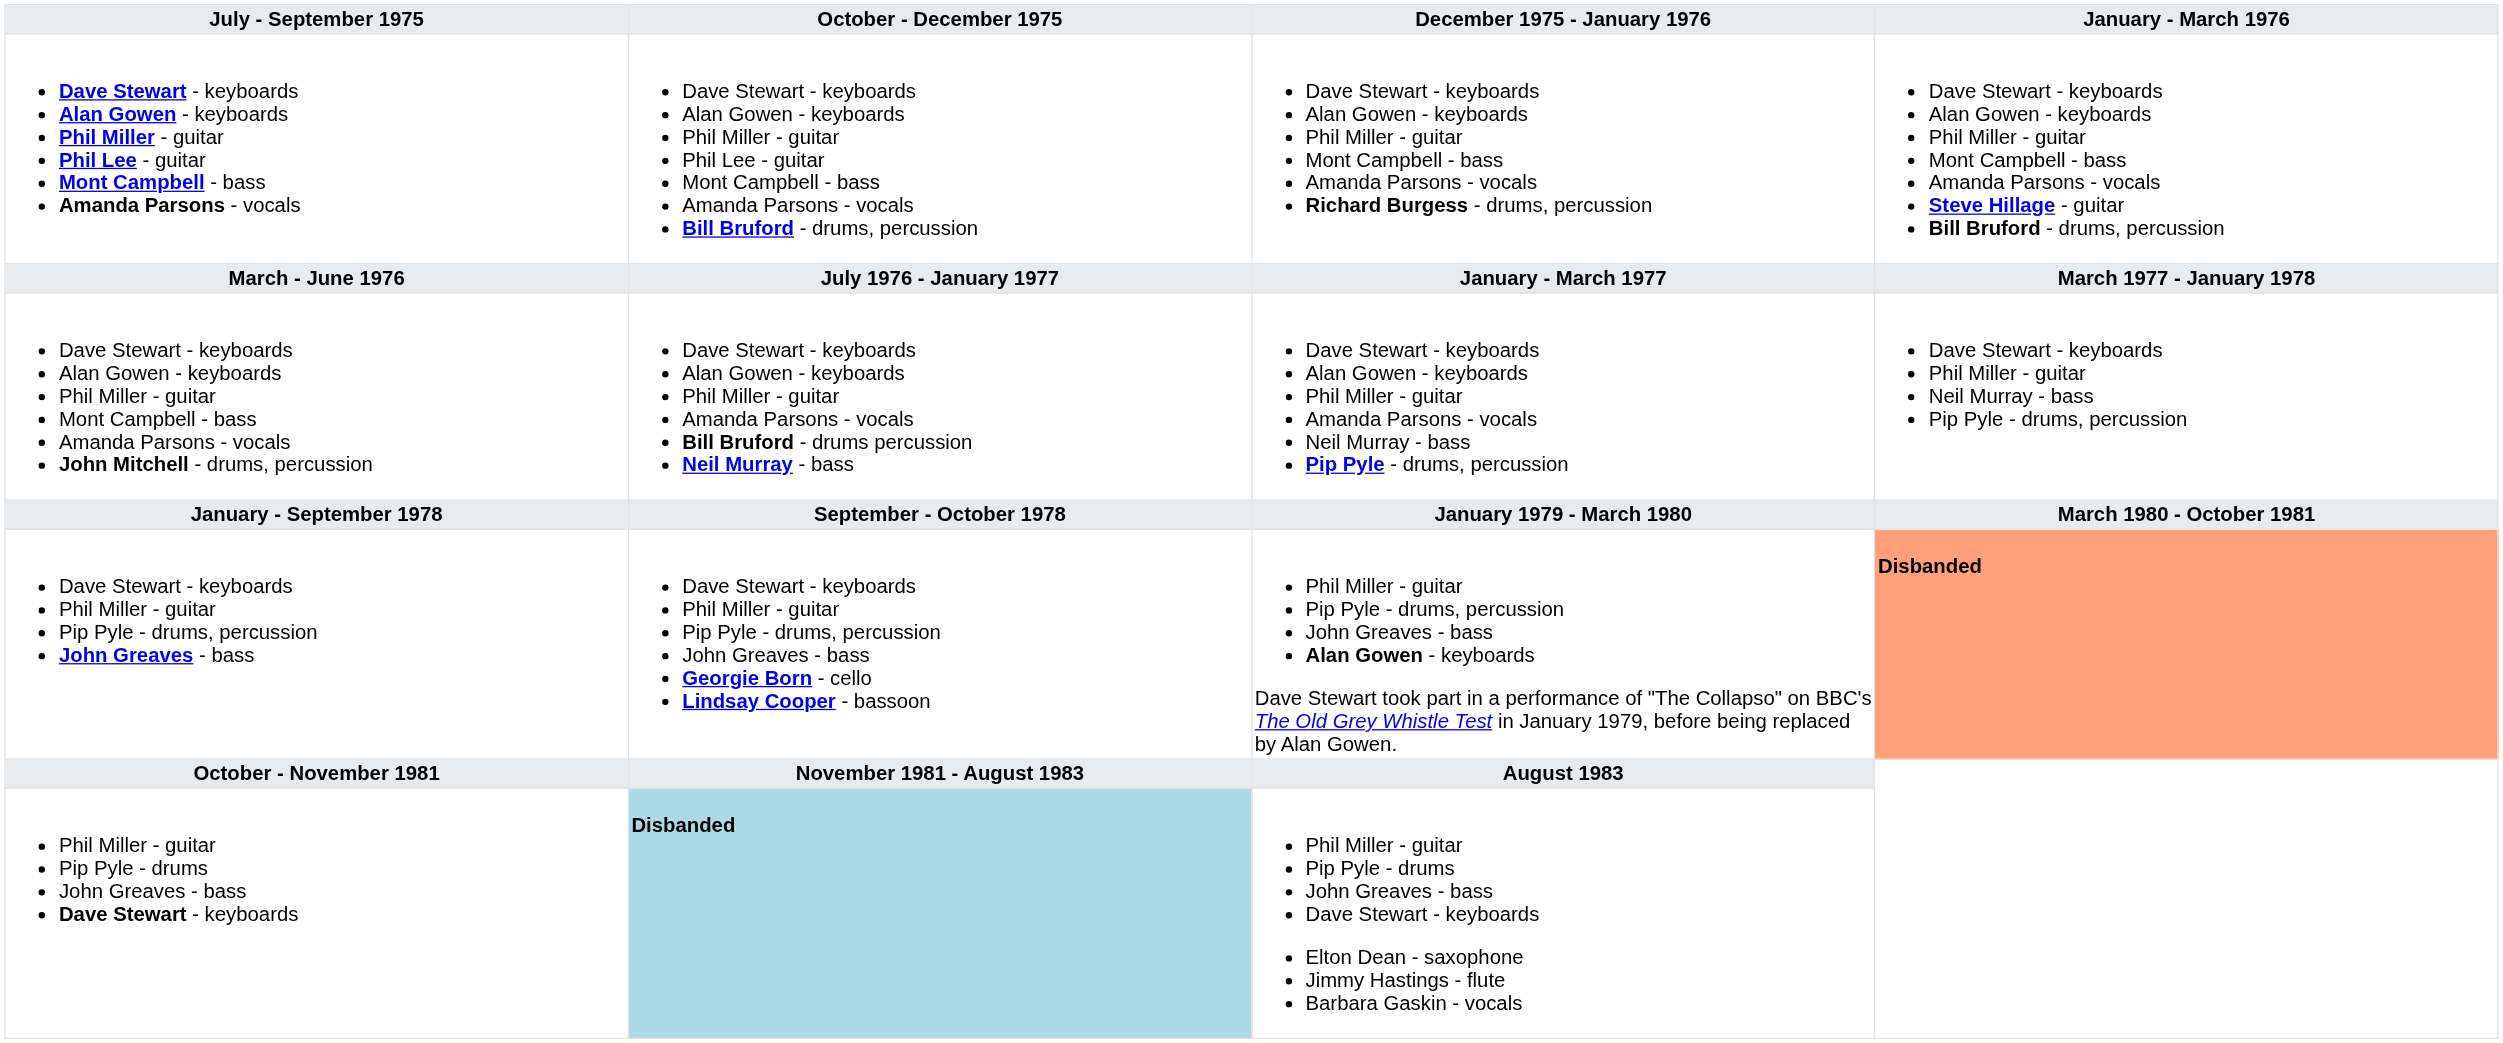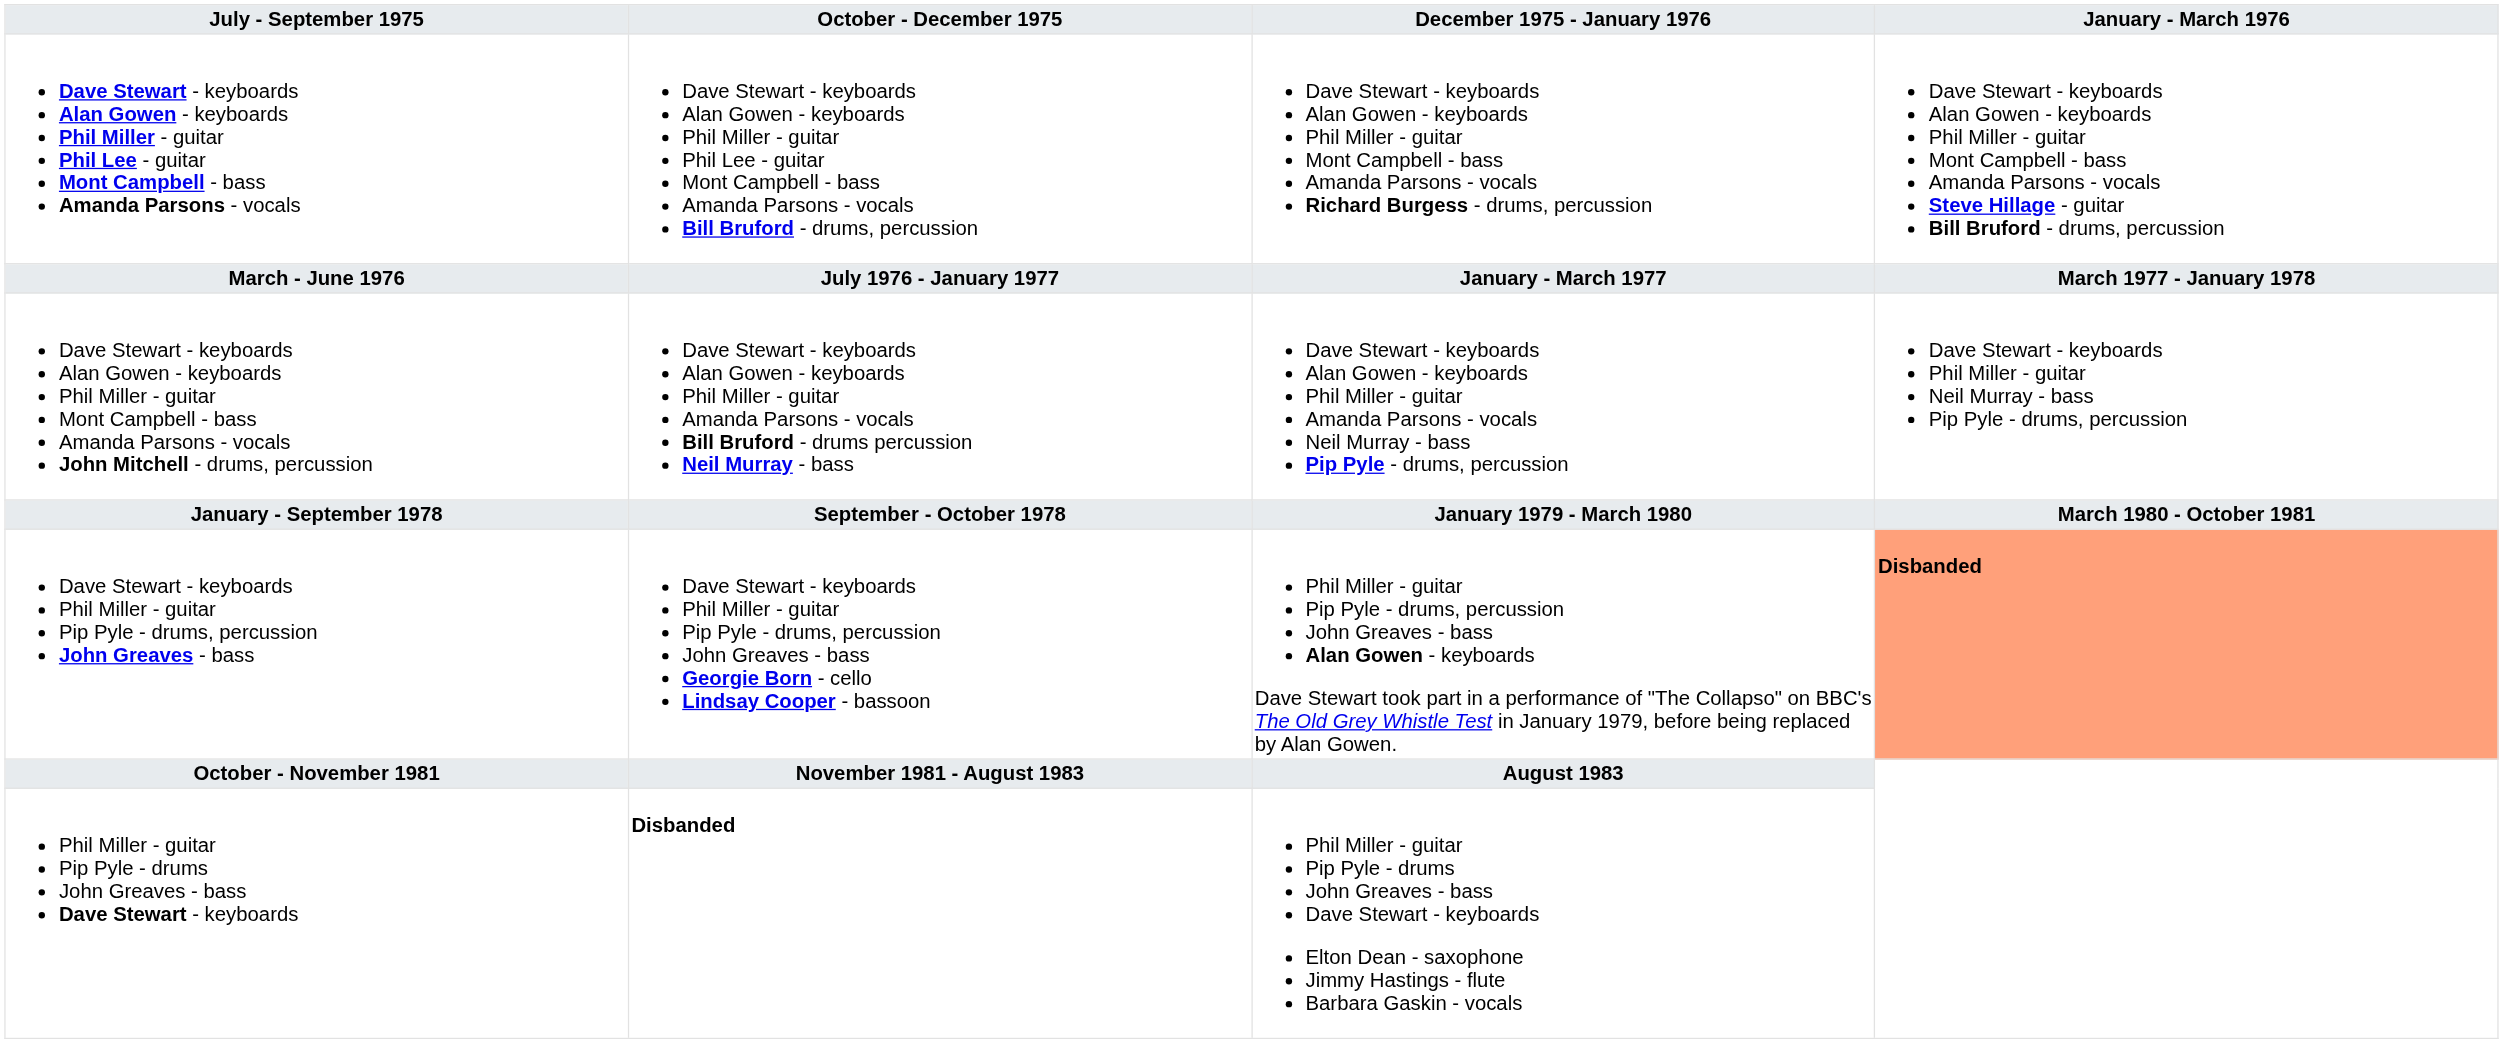 <table class="toccolours" border="1" cellpadding="2" cellspacing="0"  style="float:width:375px; margin:0 0 1em 1em; border-collapse:collapse; border:1px solid #e2e2e2; width:99%;">
 <tr>
 <th style="vertical-align:top; background:#e7ebee; width:25%;">July - September 1975</th>
 <th style="vertical-align:top; background:#e7ebee; width:25%;">October - December 1975</th>
 <th style="vertical-align:top; background:#e7ebee; width:25%;">December 1975 - January 1976</th>
 <th style="vertical-align:top; background:#e7ebee; width:25%;">January - March 1976</th>
 </tr>
 <tr>
 <td valign=top><br><ul><li><strong><a href='#'>Dave Stewart</a></strong> - keyboards</li><li><strong><a href='#'>Alan Gowen</a></strong> - keyboards</li><li><strong><a href='#'>Phil Miller</a></strong> - guitar</li><li><strong><a href='#'>Phil Lee</a></strong> - guitar</li><li><strong><a href='#'>Mont Campbell</a></strong> - bass</li><li><strong>Amanda Parsons</strong> - vocals</li></ul></td>
 <td valign=top><br><ul><li>Dave Stewart - keyboards</li><li>Alan Gowen - keyboards</li><li>Phil Miller - guitar</li><li>Phil Lee - guitar</li><li>Mont Campbell - bass</li><li>Amanda Parsons - vocals</li><li><strong><a href='#'>Bill Bruford</a></strong> - drums, percussion</li></ul></td>
 <td valign=top><br><ul><li>Dave Stewart - keyboards</li><li>Alan Gowen - keyboards</li><li>Phil Miller - guitar</li><li>Mont Campbell - bass</li><li>Amanda Parsons - vocals</li><li><strong>Richard Burgess</strong> - drums, percussion</li></ul></td>
 <td valign=top><br><ul><li>Dave Stewart - keyboards</li><li>Alan Gowen - keyboards</li><li>Phil Miller - guitar</li><li>Mont Campbell - bass</li><li>Amanda Parsons - vocals</li><li><strong><a href='#'>Steve Hillage</a></strong> - guitar</li><li><strong>Bill Bruford</strong> - drums, percussion</li></ul></td>
 </tr>
 <tr>
 <th style="vertical-align:top; background:#e7ebee; width:25%;">March - June 1976</th>
 <th style="vertical-align:top; background:#e7ebee; width:25%;">July 1976 - January 1977</th>
 <th style="vertical-align:top; background:#e7ebee; width:25%;">January - March 1977</th>
 <th style="vertical-align:top; background:#e7ebee; width:25%;">March 1977 - January 1978</th>
 </tr>
 <tr>
 <td valign=top><br><ul><li>Dave Stewart - keyboards</li><li>Alan Gowen - keyboards</li><li>Phil Miller - guitar</li><li>Mont Campbell - bass</li><li>Amanda Parsons - vocals</li><li><strong>John Mitchell</strong> - drums, percussion</li></ul></td>
 <td valign=top><br><ul><li>Dave Stewart - keyboards</li><li>Alan Gowen - keyboards</li><li>Phil Miller - guitar</li><li>Amanda Parsons - vocals</li><li><strong>Bill Bruford</strong> - drums percussion</li><li><strong><a href='#'>Neil Murray</a></strong> - bass</li></ul></td>
 <td valign=top><br><ul><li>Dave Stewart - keyboards</li><li>Alan Gowen - keyboards</li><li>Phil Miller - guitar</li><li>Amanda Parsons - vocals</li><li>Neil Murray - bass</li><li><strong><a href='#'>Pip Pyle</a></strong> - drums, percussion</li></ul></td>
 <td valign=top><br><ul><li>Dave Stewart - keyboards</li><li>Phil Miller - guitar</li><li>Neil Murray - bass</li><li>Pip Pyle - drums, percussion</li></ul></td>
 </tr>
 <tr>
 <th style="vertical-align:top; background:#e7ebee; width:25%;">January - September 1978</th>
 <th style="vertical-align:top; background:#e7ebee; width:25%;">September - October 1978</th>
 <th style="vertical-align:top; background:#e7ebee; width:25%;">January 1979 - March 1980</th>
 <th style="vertical-align:top; background:#e7ebee; width:25%;">March 1980 - October 1981</th>
 </tr>
 <tr>
 <td valign=top><br><ul><li>Dave Stewart - keyboards</li><li>Phil Miller - guitar</li><li>Pip Pyle - drums, percussion</li><li><strong><a href='#'>John Greaves</a></strong> - bass</li></ul></td>
 <td valign=top><br><ul><li>Dave Stewart - keyboards</li><li>Phil Miller - guitar</li><li>Pip Pyle - drums, percussion</li><li>John Greaves - bass</li><li><strong><a href='#'>Georgie Born</a></strong> - cello</li><li><strong><a href='#'>Lindsay Cooper</a></strong> - bassoon</li></ul></td>
 <td valign=top><br><ul><li>Phil Miller - guitar</li><li>Pip Pyle - drums, percussion</li><li>John Greaves - bass</li><li><strong>Alan Gowen</strong> - keyboards</li></ul>Dave Stewart took part in a performance of "The Collapso" on BBC's <em><a href='#'>The Old Grey Whistle Test</a></em> in January 1979, before being replaced by Alan Gowen.</td>
 <td valign=top style="background: lightsalmon;"><br><strong>Disbanded</strong></td>
 </tr>
 <tr>
 <th style="vertical-align:top; background:#e7ebee; width:25%;">October - November 1981</th>
 <th style="vertical-align:top; background:#e7ebee; width:25%;">November 1981 - August 1983</th>
 <th style="vertical-align:top; background:#e7ebee; width:25%;">August 1983</th>
 </tr>
 <tr>
 <td valign=top><br><ul><li>Phil Miller - guitar</li><li>Pip Pyle - drums</li><li>John Greaves - bass</li><li><strong>Dave Stewart</strong> - keyboards</li></ul></td>
-<td valign=top style="background: lightblue;"><br><strong>Disbanded</strong></td>
+<td valign=top><br><strong>Disbanded</strong></td>
 <td valign=top><br><ul><li>Phil Miller - guitar</li><li>Pip Pyle - drums</li><li>John Greaves - bass</li><li>Dave Stewart - keyboards</li></ul><ul><li>Elton Dean - saxophone</li><li>Jimmy Hastings - flute</li><li>Barbara Gaskin - vocals</li></ul></td>
 </tr>
 </table>
